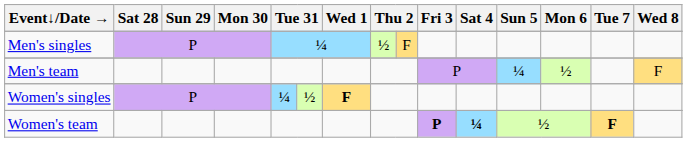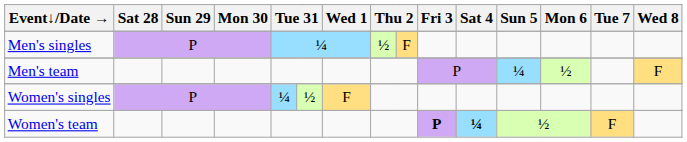 <table class="wikitable" style="margin:0.5em auto; font-size:90%; line-height:1.25em;">
 <tr style="text-align:center;">
 <th>Event↓/Date →</th>
 <th>Sat 28</th>
 <th>Sun 29</th>
 <th>Mon 30</th>
 <th colspan=2>Tue 31</th>
 <th>Wed 1</th>
 <th colspan=2>Thu 2</th>
 <th>Fri 3</th>
 <th>Sat 4</th>
 <th>Sun 5</th>
 <th>Mon 6</th>
 <th>Tue 7</th>
 <th>Wed 8</th>
 </tr>
 <tr>
 </tr>
 <tr style="text-align:center;">
 <td style="text-align:left;"><a href='#'>Men's singles</a></td>
 <td colspan=3 style="background-color:#D0A9F5;">P</td>
 <td colspan="3" style="background-color:#97DEFF">¼</td>
 <td style="background-color:#D9FFB2;">½</td>
 <td style="background-color:#FFDF80;">F</td>
 <td></td>
 <td></td>
 <td></td>
 <td></td>
 <td></td>
 <td></td>
 </tr>
 <tr>
 </tr>
 <tr style="text-align:center;">
 <td style="text-align:left;"><a href='#'>Men's team</a></td>
 <td></td>
 <td></td>
 <td></td>
 <td colspan=2></td>
 <td></td>
 <td colspan=2></td>
 <td colspan=2 style="background-color:#D0A9F5;">P</td>
 <td style="background-color:#97DEFF;">¼</td>
 <td style="background-color:#D9FFB2;">½</td>
 <td></td>
 <td style="background-color:#FFDF80;">F</td>
 </tr>
 <tr>
 </tr>
 <tr style="text-align:center;">
 <td style="text-align:left;"><a href='#'>Women's singles</a></td>
 <td colspan=3 style="background-color:#D0A9F5;">P</td>
 <td style="background-color:#97DEFF;">¼</td>
 <td style="background-color:#D9FFB2;">½</td>
-<td style="background-color:#FFDF80;"><strong>F</strong></td>
+<td style="background-color:#FFDF80;">F</td>
 <td colspan=2></td>
 <td></td>
 <td></td>
 <td></td>
 <td></td>
 <td></td>
 <td></td>
 </tr>
 <tr>
 </tr>
 <tr style="text-align:center;">
 <td style="text-align:left;"><a href='#'>Women's team</a></td>
 <td></td>
 <td></td>
 <td></td>
 <td colspan=2></td>
 <td></td>
 <td colspan=2></td>
 <td style="background-color:#D0A9F5;"><strong>P</strong></td>
 <td style="background-color:#97DEFF;"><strong>¼</strong></td>
 <td colspan=2 style="background-color:#D9FFB2;">½</td>
-<td style="background-color:#FFDF80;"><strong>F</strong></td>
+<td style="background-color:#FFDF80;">F</td>
 <td></td>
 </tr>
 </table>
